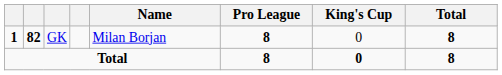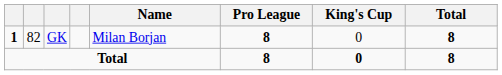 <table class="wikitable" style="text-align:center">
 <tr>
 <th width=15></th>
 <th width=15></th>
 <th width=15></th>
 <th width=15></th>
 <th width=145>Name</th>
 <th width=100>Pro League</th>
 <th width=100>King's Cup</th>
 <th width=100>Total</th>
 </tr>
 <tr>
 <td><strong>1</strong></td>
-<td><strong>82</strong></td>
+<td>82</td>
 <td><a href='#'>GK</a></td>
 <td></td>
 <td align=left><a href='#'>Milan Borjan</a></td>
 <td><strong>8</strong></td>
 <td>0</td>
 <td><strong>8</strong></td>
 </tr>
 <tr>
 <td colspan=5><strong>Total</strong></td>
 <td><strong>8</strong></td>
 <td><strong>0</strong></td>
 <td><strong>8</strong></td>
 </tr>
 </table>
